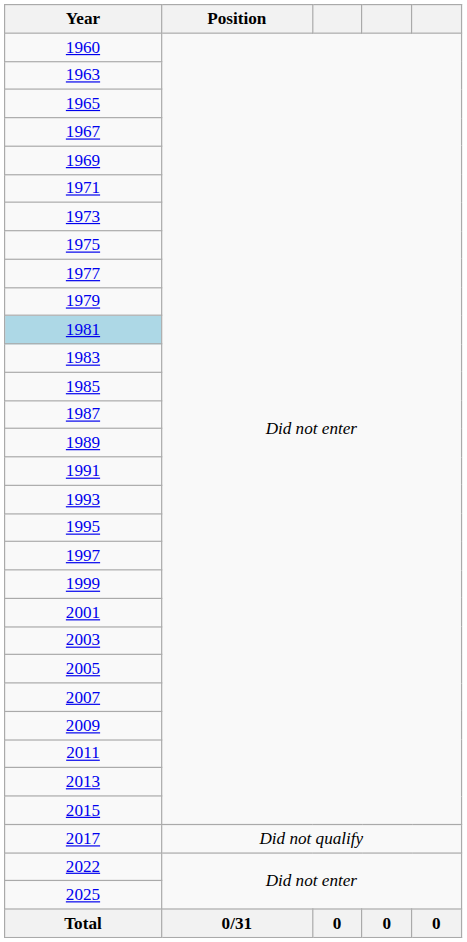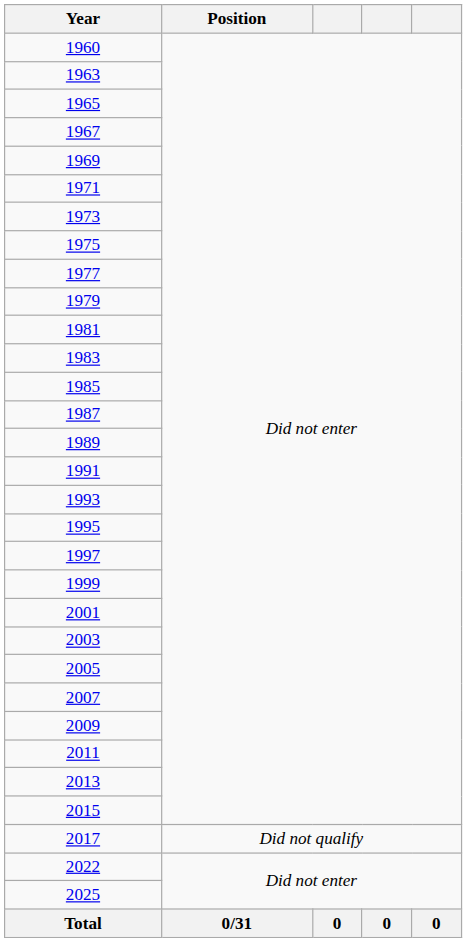 <table class="wikitable" style="text-align: center;font-size:90%;">
 <tr>
 <th width=125>Year</th>
 <th width=120>Position</th>
 <th width=35></th>
 <th width=35></th>
 <th width=35></th>
 </tr>
 <tr>
 <td> <a href='#'>1960</a></td>
 <td rowspan=28 colspan=4><em>Did not enter</em></td>
 </tr>
 <tr>
 <td> <a href='#'>1963</a></td>
 </tr>
 <tr>
 <td> <a href='#'>1965</a></td>
 </tr>
 <tr>
 <td> <a href='#'>1967</a></td>
 </tr>
 <tr>
 <td> <a href='#'>1969</a></td>
 </tr>
 <tr>
 <td> <a href='#'>1971</a></td>
 </tr>
 <tr>
 <td> <a href='#'>1973</a></td>
 </tr>
 <tr>
 <td> <a href='#'>1975</a></td>
 </tr>
 <tr>
 <td> <a href='#'>1977</a></td>
 </tr>
 <tr>
 <td> <a href='#'>1979</a></td>
 </tr>
 <tr>
-<td style="background: lightblue;"> <a href='#'>1981</a></td>
+<td> <a href='#'>1981</a></td>
 </tr>
 <tr>
 <td> <a href='#'>1983</a></td>
 </tr>
 <tr>
 <td> <a href='#'>1985</a></td>
 </tr>
 <tr>
 <td> <a href='#'>1987</a></td>
 </tr>
 <tr>
 <td> <a href='#'>1989</a></td>
 </tr>
 <tr>
 <td> <a href='#'>1991</a></td>
 </tr>
 <tr>
 <td> <a href='#'>1993</a></td>
 </tr>
 <tr>
 <td> <a href='#'>1995</a></td>
 </tr>
 <tr>
 <td> <a href='#'>1997</a></td>
 </tr>
 <tr>
 <td> <a href='#'>1999</a></td>
 </tr>
 <tr>
 <td> <a href='#'>2001</a></td>
 </tr>
 <tr>
 <td> <a href='#'>2003</a></td>
 </tr>
 <tr>
 <td> <a href='#'>2005</a></td>
 </tr>
 <tr>
 <td> <a href='#'>2007</a></td>
 </tr>
 <tr>
 <td> <a href='#'>2009</a></td>
 </tr>
 <tr>
 <td> <a href='#'>2011</a></td>
 </tr>
 <tr>
 <td> <a href='#'>2013</a></td>
 </tr>
 <tr>
 <td> <a href='#'>2015</a></td>
 </tr>
 <tr>
 <td> <a href='#'>2017</a></td>
 <td colspan=4><em>Did not qualify</em></td>
 </tr>
 <tr>
 <td> <a href='#'>2022</a></td>
 <td rowspan=2 colspan=4><em>Did not enter</em></td>
 </tr>
 <tr>
 <td> <a href='#'>2025</a></td>
 </tr>
 <tr>
 <th>Total</th>
 <th>0/31</th>
 <th>0</th>
 <th>0</th>
 <th>0</th>
 </tr>
 </table>
